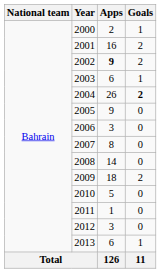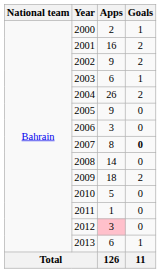 <table class="wikitable" style="text-align:center">
 <tr>
 <th>National team</th>
 <th>Year</th>
 <th>Apps</th>
 <th>Goals</th>
 </tr>
 <tr>
 <td rowspan="14"><a href='#'>Bahrain</a></td>
 <td>2000</td>
 <td>2</td>
 <td>1</td>
 </tr>
 <tr>
 <td>2001</td>
 <td>16</td>
 <td>2</td>
 </tr>
 <tr>
 <td>2002</td>
-<td><strong>9</strong></td>
+<td>9</td>
 <td>2</td>
 </tr>
 <tr>
 <td>2003</td>
 <td>6</td>
 <td>1</td>
 </tr>
 <tr>
 <td>2004</td>
 <td>26</td>
-<td><strong>2</strong></td>
+<td>2</td>
 </tr>
 <tr>
 <td>2005</td>
 <td>9</td>
 <td>0</td>
 </tr>
 <tr>
 <td>2006</td>
 <td>3</td>
 <td>0</td>
 </tr>
 <tr>
 <td>2007</td>
 <td>8</td>
-<td>0</td>
+<td><strong>0</strong></td>
 </tr>
 <tr>
 <td>2008</td>
 <td>14</td>
 <td>0</td>
 </tr>
 <tr>
 <td>2009</td>
 <td>18</td>
 <td>2</td>
 </tr>
 <tr>
 <td>2010</td>
 <td>5</td>
 <td>0</td>
 </tr>
 <tr>
 <td>2011</td>
 <td>1</td>
 <td>0</td>
 </tr>
 <tr>
 <td>2012</td>
-<td>3</td>
+<td style="background: pink;">3</td>
 <td>0</td>
 </tr>
 <tr>
 <td>2013</td>
 <td>6</td>
 <td>1</td>
 </tr>
 <tr>
 <th colspan="2">Total</th>
 <th>126</th>
 <th>11</th>
 </tr>
 </table>
